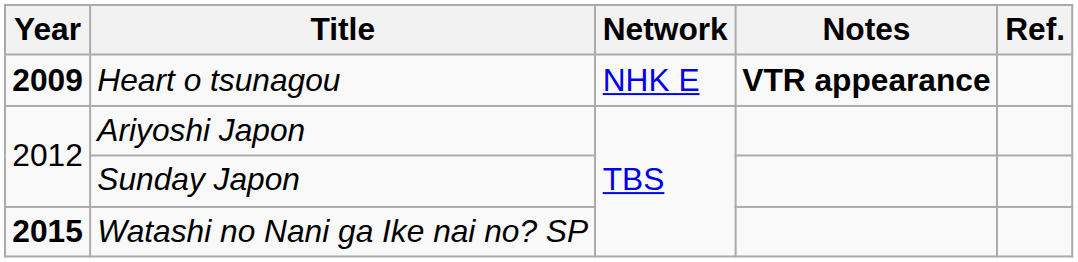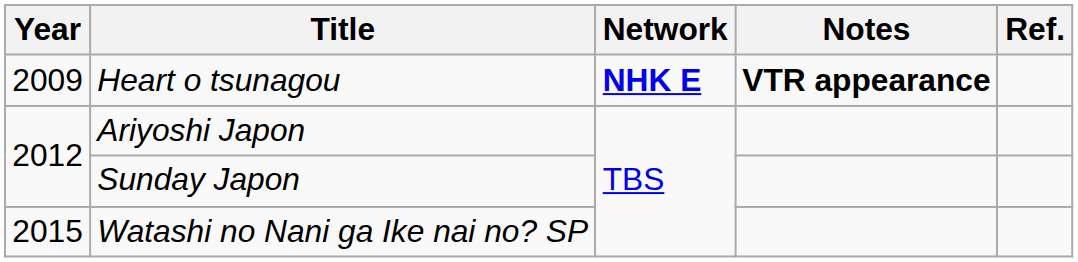 <table class="wikitable">
 <tr>
 <th>Year</th>
 <th>Title</th>
 <th>Network</th>
 <th>Notes</th>
 <th>Ref.</th>
 </tr>
 <tr>
-<td><strong>2009</strong></td>
+<td>2009</td>
 <td><em>Heart o tsunagou</em></td>
-<td><a href='#'>NHK E</a></td>
+<td><strong><a href='#'>NHK E</a></strong></td>
 <td><strong>VTR appearance</strong></td>
 <td></td>
 </tr>
 <tr>
 <td rowspan="2">2012</td>
 <td><em>Ariyoshi Japon</em></td>
 <td rowspan="3"><a href='#'>TBS</a></td>
 <td></td>
 <td></td>
 </tr>
 <tr>
 <td><em>Sunday Japon</em></td>
 <td></td>
 <td></td>
 </tr>
 <tr>
-<td><strong>2015</strong></td>
+<td>2015</td>
 <td><em>Watashi no Nani ga Ike nai no? SP</em></td>
 <td></td>
 <td></td>
 </tr>
 </table>
